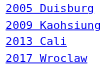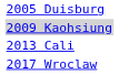 <table>
 <tr>
 <td><a href='#'>2005 Duisburg</a></td>
 <td></td>
 <td></td>
 <td></td>
 </tr>
 <tr>
-<td><a href='#'>2009 Kaohsiung</a></td>
+<td style="background: lightgrey;"><a href='#'>2009 Kaohsiung</a></td>
 <td></td>
 <td></td>
 <td></td>
 </tr>
 <tr>
 <td><a href='#'>2013 Cali</a></td>
 <td></td>
 <td></td>
 <td></td>
 </tr>
 <tr>
 <td><a href='#'>2017 Wroclaw</a></td>
 <td></td>
 <td></td>
 <td></td>
 </tr>
 </table>
